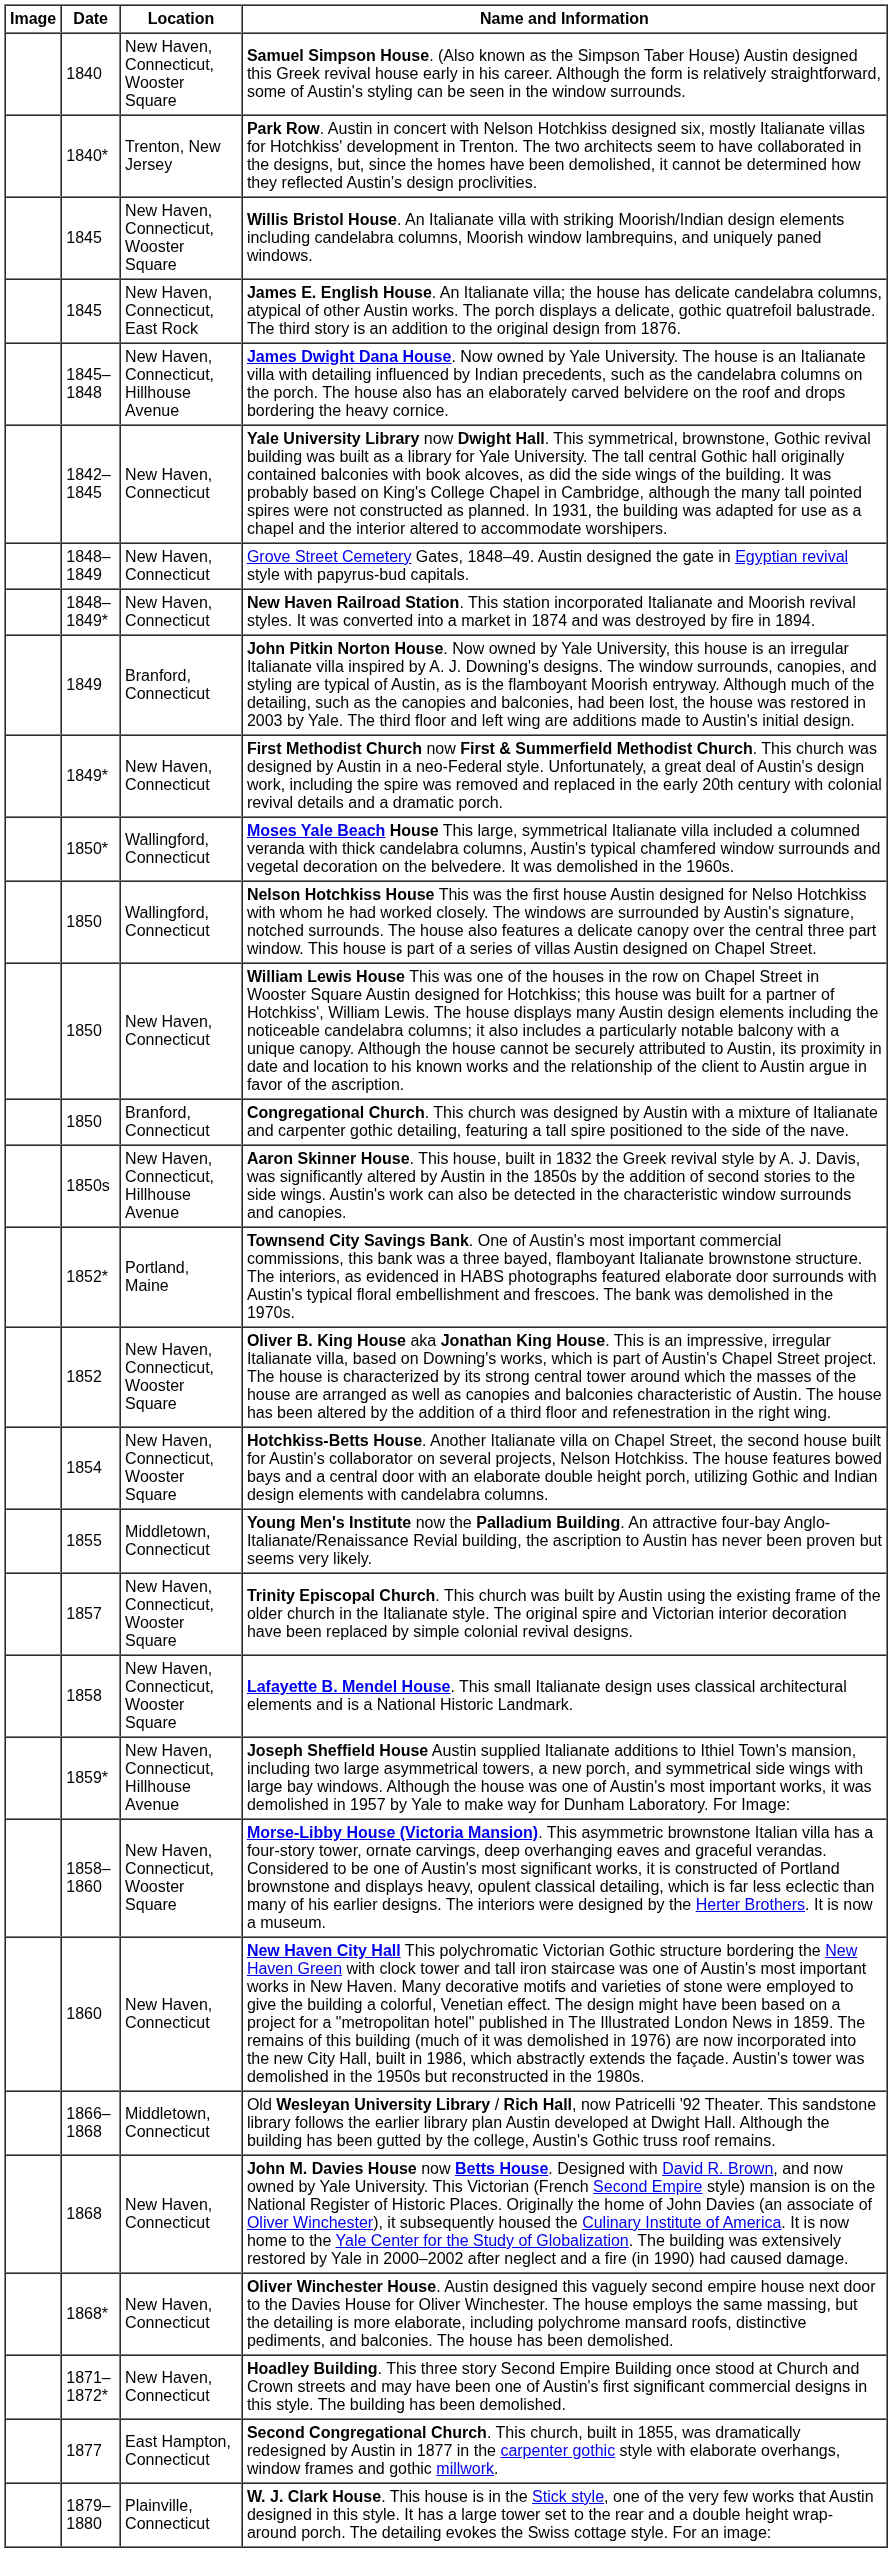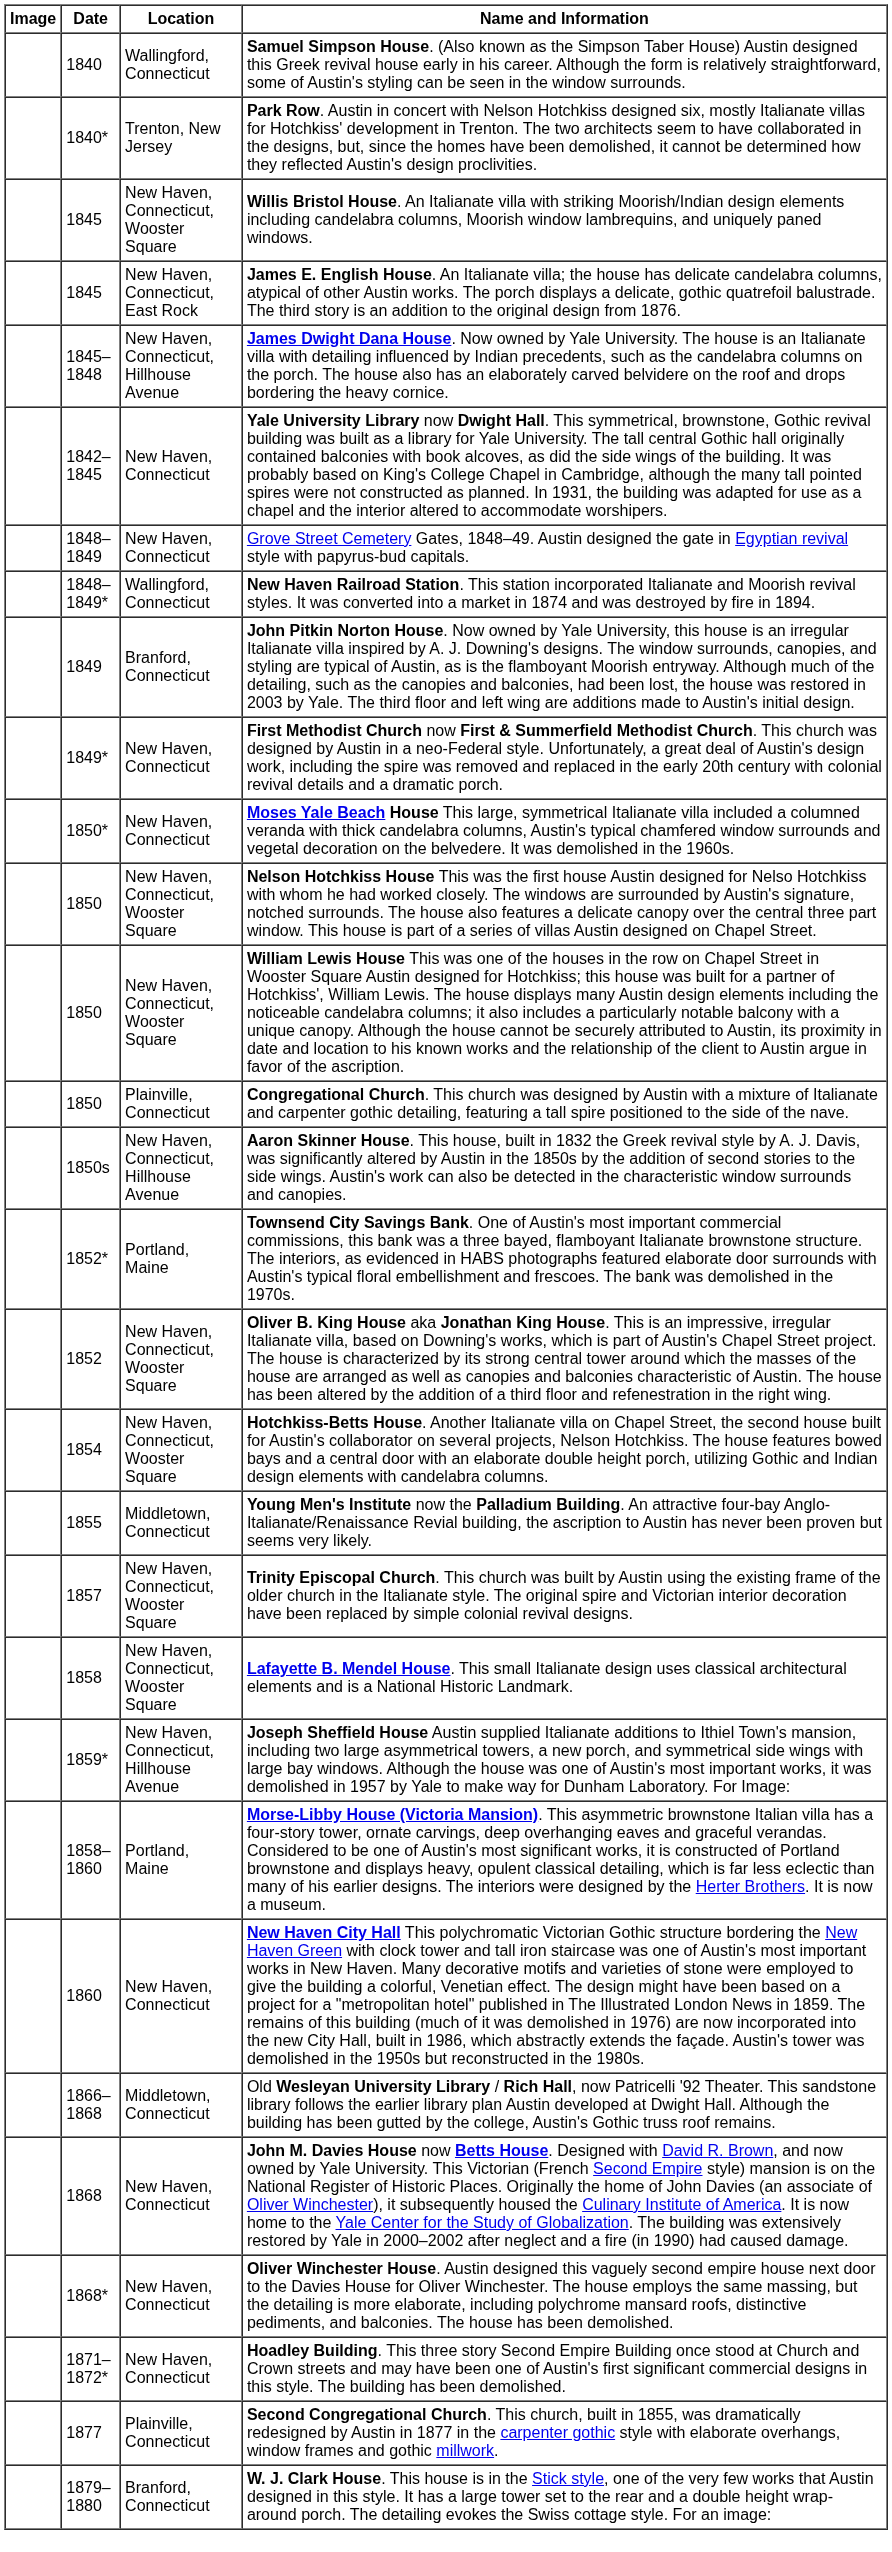 <table border="1" cellpadding="4" cellspacing="0">
 <tr>
 <th scope="col">Image</th>
 <th scope="col">Date</th>
 <th scope="col">Location</th>
 <th scope="col">Name and Information</th>
 </tr>
 <tr>
 <td></td>
 <td>1840</td>
-<td>New Haven, Connecticut, Wooster Square</td>
+<td>Wallingford, Connecticut</td>
 <td><strong>Samuel Simpson House</strong>. (Also known as the Simpson Taber House) Austin designed this Greek revival house early in his career. Although the form is relatively straightforward, some of Austin's styling can be seen in the window surrounds.</td>
 </tr>
 <tr>
 <td></td>
 <td>1840*</td>
 <td>Trenton, New Jersey</td>
 <td><strong>Park Row</strong>. Austin in concert with Nelson Hotchkiss designed six, mostly Italianate villas for Hotchkiss' development in Trenton. The two architects seem to have collaborated in the designs, but, since the homes have been demolished, it cannot be determined how they reflected Austin's design proclivities.</td>
 </tr>
 <tr>
 <td></td>
 <td>1845</td>
 <td>New Haven, Connecticut, Wooster Square</td>
 <td><strong>Willis Bristol House</strong>. An Italianate villa with striking Moorish/Indian design elements including candelabra columns, Moorish window lambrequins, and uniquely paned windows.</td>
 </tr>
 <tr>
 <td></td>
 <td>1845</td>
 <td>New Haven, Connecticut, East Rock</td>
 <td><strong>James E. English House</strong>. An Italianate villa; the house has delicate candelabra columns, atypical of other Austin works. The porch displays a delicate, gothic quatrefoil balustrade. The third story is an addition to the original design from 1876.</td>
 </tr>
 <tr>
 <td></td>
 <td>1845–1848</td>
 <td>New Haven, Connecticut, Hillhouse Avenue</td>
 <td><strong><a href='#'>James Dwight Dana House</a></strong>. Now owned by Yale University. The house is an Italianate villa with detailing influenced by Indian precedents, such as the candelabra columns on the porch. The house also has an elaborately carved belvidere on the roof and drops bordering the heavy cornice.</td>
 </tr>
 <tr>
 <td></td>
 <td>1842–1845</td>
 <td>New Haven, Connecticut</td>
 <td><strong>Yale University Library</strong> now <strong>Dwight Hall</strong>. This symmetrical, brownstone, Gothic revival building was built as a library for Yale University. The tall central Gothic hall originally contained balconies with book alcoves, as did the side wings of the building. It was probably based on King's College Chapel in Cambridge, although the many tall pointed spires were not constructed as planned. In 1931, the building was adapted for use as a chapel and the interior altered to accommodate worshipers.</td>
 </tr>
 <tr>
 <td></td>
 <td>1848–1849</td>
 <td>New Haven, Connecticut</td>
 <td><a href='#'>Grove Street Cemetery</a> Gates, 1848–49. Austin designed the gate in <a href='#'>Egyptian revival</a> style with papyrus-bud capitals. </td>
 </tr>
 <tr>
 <td></td>
 <td>1848–1849*</td>
-<td>New Haven, Connecticut</td>
+<td>Wallingford, Connecticut</td>
 <td><strong>New Haven Railroad Station</strong>. This station incorporated Italianate and Moorish revival styles. It was converted into a market in 1874 and was destroyed by fire in 1894.</td>
 </tr>
 <tr>
 <td></td>
 <td>1849</td>
 <td>Branford, Connecticut</td>
 <td><strong>John Pitkin Norton House</strong>. Now owned by Yale University, this house is an irregular Italianate villa inspired by A. J. Downing's designs. The window surrounds, canopies, and styling are typical of Austin, as is the flamboyant Moorish entryway. Although much of the detailing, such as the canopies and balconies, had been lost, the house was restored in 2003 by Yale. The third floor and left wing are additions made to Austin's initial design.</td>
 </tr>
 <tr>
 <td></td>
 <td>1849*</td>
 <td>New Haven, Connecticut</td>
 <td><strong>First Methodist Church</strong> now <strong>First & Summerfield Methodist Church</strong>. This church was designed by Austin in a neo-Federal style. Unfortunately, a great deal of Austin's design work, including the spire was removed and replaced in the early 20th century with colonial revival details and a dramatic porch.</td>
 </tr>
 <tr>
 <td></td>
 <td>1850*</td>
-<td>Wallingford, Connecticut</td>
+<td>New Haven, Connecticut</td>
 <td><strong><a href='#'>Moses Yale Beach</a> House</strong> This large, symmetrical Italianate villa included a columned veranda with thick candelabra columns, Austin's typical chamfered window surrounds and vegetal decoration on the belvedere. It was demolished in the 1960s.</td>
 </tr>
 <tr>
 <td></td>
 <td>1850</td>
-<td>Wallingford, Connecticut</td>
+<td>New Haven, Connecticut, Wooster Square</td>
 <td><strong>Nelson Hotchkiss House</strong> This was the first house Austin designed for Nelso Hotchkiss with whom he had worked closely. The windows are surrounded by Austin's signature, notched surrounds. The house also features a delicate canopy over the central three part window. This house is part of a series of villas Austin designed on Chapel Street.</td>
 </tr>
 <tr>
 <td></td>
 <td>1850</td>
-<td>New Haven, Connecticut</td>
+<td>New Haven, Connecticut, Wooster Square</td>
 <td><strong>William Lewis House</strong> This was one of the houses in the row on Chapel Street in Wooster Square Austin designed for Hotchkiss; this house was built for a partner of Hotchkiss', William Lewis. The house displays many Austin design elements including the noticeable candelabra columns; it also includes a particularly notable balcony with a unique canopy. Although the house cannot be securely attributed to Austin, its proximity in date and location to his known works and the relationship of the client to Austin argue in favor of the ascription.</td>
 </tr>
 <tr>
 <td></td>
 <td>1850</td>
-<td>Branford, Connecticut</td>
+<td>Plainville, Connecticut</td>
 <td><strong>Congregational Church</strong>. This church was designed by Austin with a mixture of Italianate and carpenter gothic detailing, featuring a tall spire positioned to the side of the nave.</td>
 </tr>
 <tr>
 <td></td>
 <td>1850s</td>
 <td>New Haven, Connecticut, Hillhouse Avenue</td>
 <td><strong>Aaron Skinner House</strong>. This house, built in 1832 the Greek revival style by A. J. Davis, was significantly altered by Austin in the 1850s by the addition of second stories to the side wings. Austin's work can also be detected in the characteristic window surrounds and canopies.</td>
 </tr>
 <tr>
 <td></td>
 <td>1852*</td>
 <td>Portland, Maine</td>
 <td><strong>Townsend City Savings Bank</strong>. One of Austin's most important commercial commissions, this bank was a three bayed, flamboyant Italianate brownstone structure. The interiors, as evidenced in HABS photographs featured elaborate door surrounds with Austin's typical floral embellishment and frescoes. The bank was demolished in the 1970s.</td>
 </tr>
 <tr>
 <td></td>
 <td>1852</td>
 <td>New Haven, Connecticut, Wooster Square</td>
 <td><strong>Oliver B. King House</strong> aka <strong>Jonathan King House</strong>. This is an impressive, irregular Italianate villa, based on Downing's works, which is part of Austin's Chapel Street project. The house is characterized by its strong central tower around which the masses of the house are arranged as well as canopies and balconies characteristic of Austin. The house has been altered by the addition of a third floor and refenestration in the right wing.</td>
 </tr>
 <tr>
 <td></td>
 <td>1854</td>
 <td>New Haven, Connecticut, Wooster Square</td>
 <td><strong>Hotchkiss-Betts House</strong>. Another Italianate villa on Chapel Street, the second house built for Austin's collaborator on several projects, Nelson Hotchkiss. The house features bowed bays and a central door with an elaborate double height porch, utilizing Gothic and Indian design elements with candelabra columns.</td>
 </tr>
 <tr>
 <td></td>
 <td>1855</td>
 <td>Middletown, Connecticut</td>
 <td><strong>Young Men's Institute</strong> now the <strong>Palladium Building</strong>. An attractive four-bay Anglo-Italianate/Renaissance Revial building, the ascription to Austin has never been proven but seems very likely.</td>
 </tr>
 <tr>
 <td></td>
 <td>1857</td>
 <td>New Haven, Connecticut, Wooster Square</td>
 <td><strong>Trinity Episcopal Church</strong>. This church was built by Austin using the existing frame of the older church in the Italianate style. The original spire and Victorian interior decoration have been replaced by simple colonial revival designs.</td>
 </tr>
 <tr>
 <td></td>
 <td>1858</td>
 <td>New Haven, Connecticut, Wooster Square</td>
 <td><strong><a href='#'>Lafayette B. Mendel House</a></strong>. This small Italianate design uses classical architectural elements and is a National Historic Landmark.</td>
 </tr>
 <tr>
 <td></td>
 <td>1859*</td>
 <td>New Haven, Connecticut, Hillhouse Avenue</td>
 <td><strong>Joseph Sheffield House</strong> Austin supplied Italianate additions to Ithiel Town's mansion, including two large asymmetrical towers, a new porch, and symmetrical side wings with large bay windows. Although the house was one of Austin's most important works, it was demolished in 1957 by Yale to make way for Dunham Laboratory. For Image:</td>
 </tr>
 <tr>
 <td></td>
 <td>1858–1860</td>
-<td>New Haven, Connecticut, Wooster Square</td>
+<td>Portland, Maine</td>
 <td><strong><a href='#'>Morse-Libby House (Victoria Mansion)</a></strong>. This asymmetric brownstone Italian villa has a four-story tower, ornate carvings, deep overhanging eaves and graceful verandas. Considered to be one of Austin's most significant works, it is constructed of Portland brownstone and displays heavy, opulent classical detailing, which is far less eclectic than many of his earlier designs. The interiors were designed by the <a href='#'>Herter Brothers</a>. It is now a museum.</td>
 </tr>
 <tr>
 <td></td>
 <td>1860</td>
 <td>New Haven, Connecticut</td>
 <td><strong><a href='#'>New Haven City Hall</a></strong> This polychromatic Victorian Gothic structure bordering the <a href='#'>New Haven Green</a> with clock tower and tall iron staircase was one of Austin's most important works in New Haven. Many decorative motifs and varieties of stone were employed to give the building a colorful, Venetian effect. The design might have been based on a project for a "metropolitan hotel" published in The Illustrated London News in 1859. The remains of this building (much of it was demolished in 1976) are now incorporated into the new City Hall, built in 1986, which abstractly extends the façade. Austin's tower was demolished in the 1950s but reconstructed in the 1980s.</td>
 </tr>
 <tr>
 <td></td>
 <td>1866–1868</td>
 <td>Middletown, Connecticut</td>
 <td>Old <strong>Wesleyan University Library</strong> / <strong>Rich Hall</strong>, now Patricelli '92 Theater. This sandstone library follows the earlier library plan Austin developed at Dwight Hall. Although the building has been gutted by the college, Austin's Gothic truss roof remains.</td>
 </tr>
 <tr>
 <td></td>
 <td>1868</td>
 <td>New Haven, Connecticut</td>
 <td><strong>John M. Davies House</strong> now <strong><a href='#'>Betts House</a></strong>. Designed with <a href='#'>David R. Brown</a>, and now owned by Yale University. This  Victorian (French <a href='#'>Second Empire</a> style) mansion is on the National Register of Historic Places. Originally the home of John Davies (an associate of <a href='#'>Oliver Winchester</a>), it subsequently housed the <a href='#'>Culinary Institute of America</a>. It is now home to the <a href='#'>Yale Center for the Study of Globalization</a>. The building was extensively restored by Yale in 2000–2002 after neglect and a fire (in 1990) had caused damage.</td>
 </tr>
 <tr>
 <td></td>
 <td>1868*</td>
 <td>New Haven, Connecticut</td>
 <td><strong>Oliver Winchester House</strong>. Austin designed this vaguely second empire house next door to the Davies House for Oliver Winchester. The house employs the same massing, but the detailing is more elaborate, including polychrome mansard roofs, distinctive pediments, and balconies. The house has been demolished.</td>
 </tr>
 <tr>
 <td></td>
 <td>1871–1872*</td>
 <td>New Haven, Connecticut</td>
 <td><strong>Hoadley Building</strong>. This three story Second Empire Building once stood at Church and Crown streets and may have been one of Austin's first significant commercial designs in this style. The building has been demolished.</td>
 </tr>
 <tr>
 <td></td>
 <td>1877</td>
-<td>East Hampton, Connecticut</td>
+<td>Plainville, Connecticut</td>
 <td><strong>Second Congregational Church</strong>. This church, built in 1855, was dramatically redesigned by Austin in 1877 in the <a href='#'>carpenter gothic</a> style with elaborate overhangs, window frames and gothic <a href='#'>millwork</a>.</td>
 </tr>
 <tr>
 <td></td>
 <td>1879–1880</td>
-<td>Plainville, Connecticut</td>
+<td>Branford, Connecticut</td>
 <td><strong>W. J. Clark House</strong>. This house is in the <a href='#'>Stick style</a>, one of the very few works that Austin designed in this style. It has a large tower set to the rear and a double height wrap-around porch. The detailing evokes the Swiss cottage style. For an image:</td>
 </tr>
 </table>
